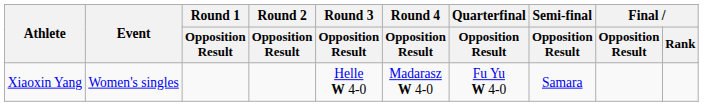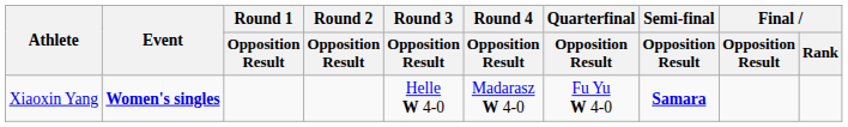 <table class=wikitable style=font-size:90%;text-align:center>
 <tr>
 <th rowspan=2>Athlete</th>
 <th rowspan=2>Event</th>
 <th>Round 1</th>
 <th>Round 2</th>
 <th>Round 3</th>
 <th>Round 4</th>
 <th>Quarterfinal</th>
 <th>Semi-final</th>
 <th colspan=2>Final / </th>
 </tr>
 <tr style=font-size:95%>
 <th>Opposition<br>Result</th>
 <th>Opposition<br>Result</th>
 <th>Opposition<br>Result</th>
 <th>Opposition<br>Result</th>
 <th>Opposition<br>Result</th>
 <th>Opposition<br>Result</th>
 <th>Opposition<br>Result</th>
 <th>Rank</th>
 </tr>
 <tr>
 <td align=left><a href='#'>Xiaoxin Yang</a></td>
-<td align=left><a href='#'>Women's singles</a></td>
+<td align=left><strong><a href='#'>Women's singles</a></strong></td>
 <td></td>
 <td></td>
 <td> <a href='#'>Helle</a> <br> <strong>W</strong> 4-0</td>
 <td> <a href='#'>Madarasz</a> <br> <strong>W</strong> 4-0</td>
 <td> <a href='#'>Fu Yu</a> <br> <strong>W</strong> 4-0</td>
-<td> <a href='#'>Samara</a></td>
+<td><strong> <a href='#'>Samara</a></strong></td>
 <td></td>
 <td></td>
 </tr>
 </table>
